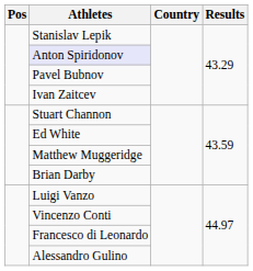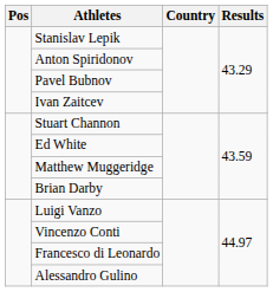 <table class="wikitable wikble">
 <tr>
 <th>Pos</th>
 <th>Athletes</th>
 <th>Country</th>
 <th>Results</th>
 </tr>
 <tr>
 <td rowspan="4"></td>
 <td>Stanislav Lepik</td>
 <td rowspan="4"></td>
 <td rowspan="4">43.29</td>
 </tr>
 <tr>
-<td style="background: lavender;">Anton Spiridonov</td>
+<td>Anton Spiridonov</td>
 </tr>
 <tr>
 <td>Pavel Bubnov</td>
 </tr>
 <tr>
 <td>Ivan Zaitcev</td>
 </tr>
 <tr>
 <td rowspan="4"></td>
 <td>Stuart Channon</td>
 <td rowspan="4"></td>
 <td rowspan="4">43.59</td>
 </tr>
 <tr>
 <td>Ed White</td>
 </tr>
 <tr>
 <td>Matthew Muggeridge</td>
 </tr>
 <tr>
 <td>Brian Darby</td>
 </tr>
 <tr>
 <td rowspan="4"></td>
 <td>Luigi Vanzo</td>
 <td rowspan="4"></td>
 <td rowspan="4">44.97</td>
 </tr>
 <tr>
 <td>Vincenzo Conti</td>
 </tr>
 <tr>
 <td>Francesco di Leonardo</td>
 </tr>
 <tr>
 <td>Alessandro Gulino</td>
 </tr>
 </table>
